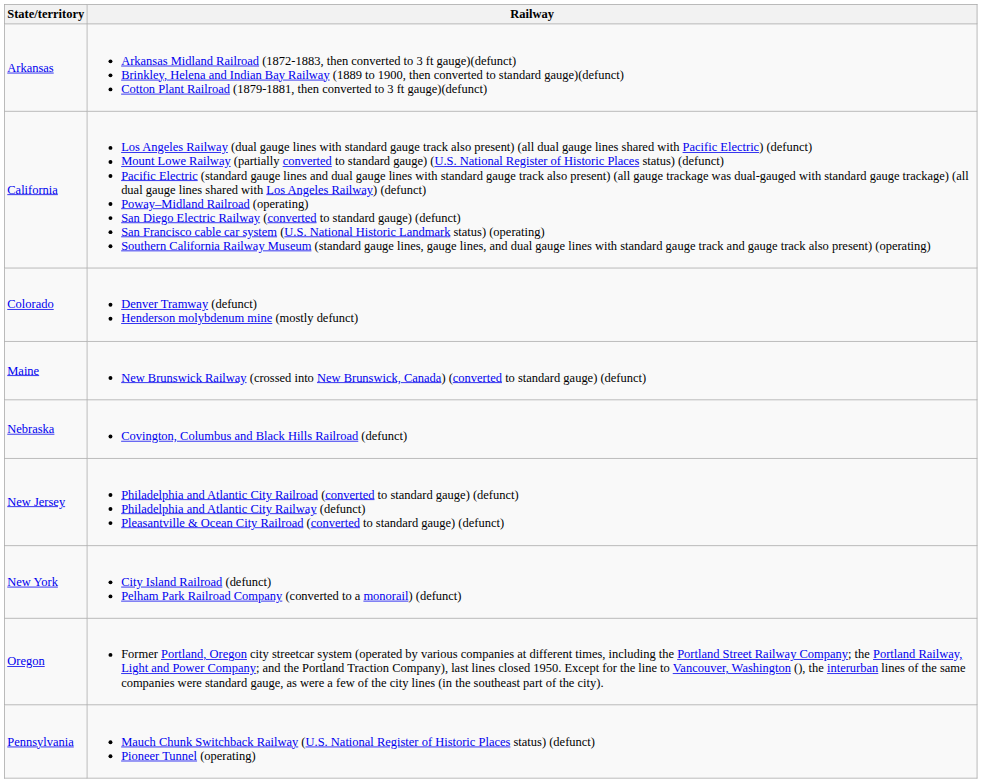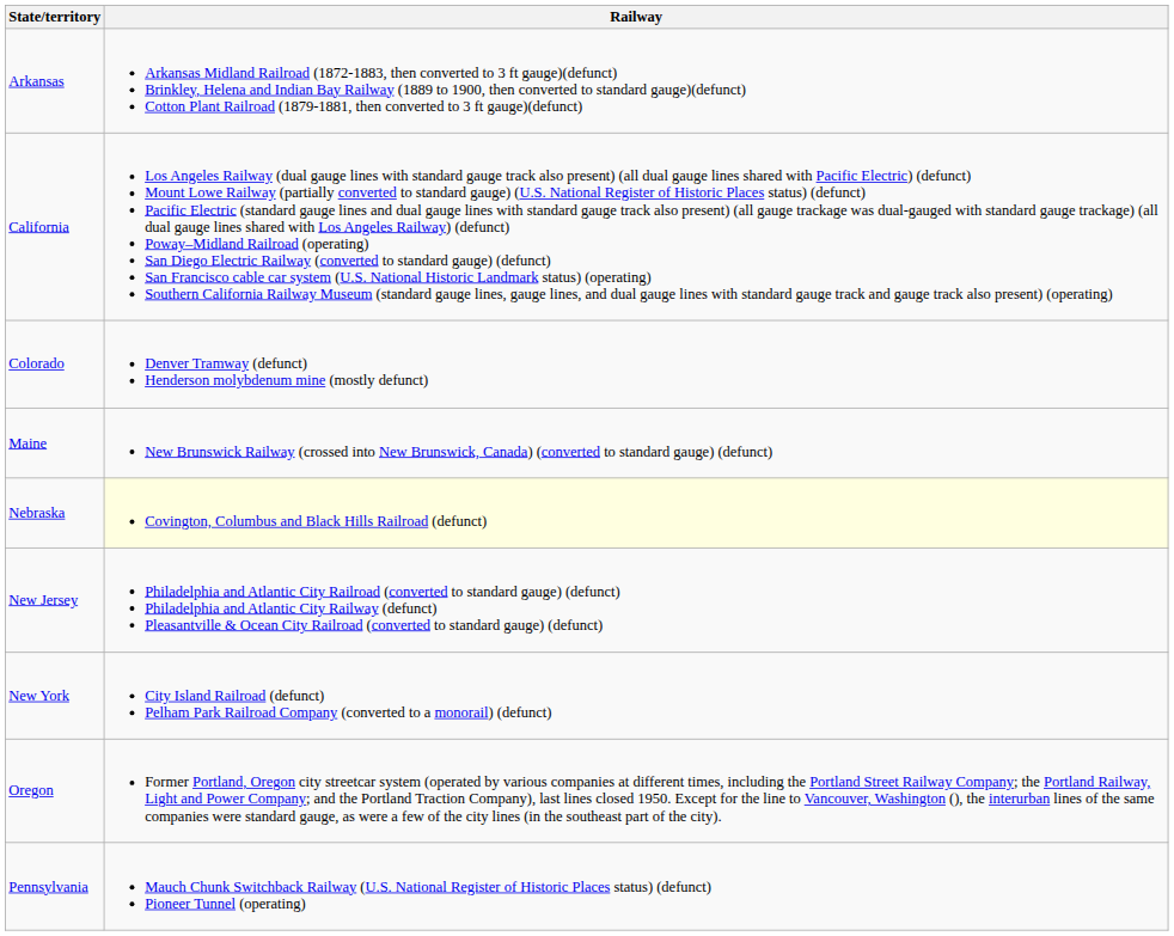 <table class=wikitable>
 <tr>
 <th>State/territory</th>
 <th>Railway</th>
 </tr>
 <tr>
 <td><a href='#'>Arkansas</a></td>
 <td><br><ul><li><a href='#'>Arkansas Midland Railroad</a> (1872-1883, then converted to 3 ft gauge)(defunct)</li><li><a href='#'>Brinkley, Helena and Indian Bay Railway</a> (1889 to 1900, then converted to standard gauge)(defunct)</li><li><a href='#'>Cotton Plant Railroad</a> (1879-1881, then converted to 3 ft gauge)(defunct)</li></ul></td>
 </tr>
 <tr>
 <td><a href='#'>California</a></td>
 <td><br><ul><li><a href='#'>Los Angeles Railway</a> (dual gauge lines with standard gauge track also present) (all dual gauge lines shared with <a href='#'>Pacific Electric</a>) (defunct)</li><li><a href='#'>Mount Lowe Railway</a> (partially <a href='#'>converted</a> to standard gauge) (<a href='#'>U.S. National Register of Historic Places</a> status) (defunct)</li><li><a href='#'>Pacific Electric</a> (standard gauge lines and dual gauge lines with standard gauge track also present) (all  gauge trackage was dual-gauged with standard gauge trackage) (all dual gauge lines shared with <a href='#'>Los Angeles Railway</a>) (defunct)</li><li><a href='#'>Poway–Midland Railroad</a> (operating)</li><li><a href='#'>San Diego Electric Railway</a> (<a href='#'>converted</a> to standard gauge) (defunct)</li><li><a href='#'>San Francisco cable car system</a> (<a href='#'>U.S. National Historic Landmark</a> status) (operating)</li><li><a href='#'>Southern California Railway Museum</a> (standard gauge lines,  gauge lines, and dual gauge lines with standard gauge track and  gauge track also present) (operating)</li></ul></td>
 </tr>
 <tr>
 <td><a href='#'>Colorado</a></td>
 <td><br><ul><li><a href='#'>Denver Tramway</a> (defunct)</li><li><a href='#'>Henderson molybdenum mine</a> (mostly defunct)</li></ul></td>
 </tr>
 <tr>
 <td><a href='#'>Maine</a></td>
 <td><br><ul><li><a href='#'>New Brunswick Railway</a> (crossed into <a href='#'>New Brunswick, Canada</a>) (<a href='#'>converted</a> to standard gauge) (defunct)</li></ul></td>
 </tr>
 <tr>
 <td><a href='#'>Nebraska</a></td>
-<td><br><ul><li><a href='#'>Covington, Columbus and Black Hills Railroad</a> (defunct)</li></ul></td>
+<td style="background: lightyellow;"><br><ul><li><a href='#'>Covington, Columbus and Black Hills Railroad</a> (defunct)</li></ul></td>
 </tr>
 <tr>
 <td><a href='#'>New Jersey</a></td>
 <td><br><ul><li><a href='#'>Philadelphia and Atlantic City Railroad</a> (<a href='#'>converted</a> to standard gauge) (defunct)</li><li><a href='#'>Philadelphia and Atlantic City Railway</a> (defunct)</li><li><a href='#'>Pleasantville & Ocean City Railroad</a> (<a href='#'>converted</a> to standard gauge) (defunct)</li></ul></td>
 </tr>
 <tr>
 <td><a href='#'>New York</a></td>
 <td><br><ul><li><a href='#'>City Island Railroad</a> (defunct)</li><li><a href='#'>Pelham Park Railroad Company</a> (converted to a <a href='#'>monorail</a>) (defunct)</li></ul></td>
 </tr>
 <tr>
 <td><a href='#'>Oregon</a></td>
 <td><br><ul><li>Former <a href='#'>Portland, Oregon</a> city streetcar system (operated by various companies at different times, including the <a href='#'>Portland Street Railway Company</a>; the <a href='#'>Portland Railway, Light and Power Company</a>; and the Portland Traction Company), last lines closed 1950. Except for the line to <a href='#'>Vancouver, Washington</a> (), the <a href='#'>interurban</a> lines of the same companies were standard gauge, as were a few of the city lines (in the southeast part of the city).</li></ul></td>
 </tr>
 <tr>
 <td><a href='#'>Pennsylvania</a></td>
 <td><br><ul><li><a href='#'>Mauch Chunk Switchback Railway</a> (<a href='#'>U.S. National Register of Historic Places</a> status) (defunct)</li><li><a href='#'>Pioneer Tunnel</a> (operating)</li></ul></td>
 </tr>
 </table>
